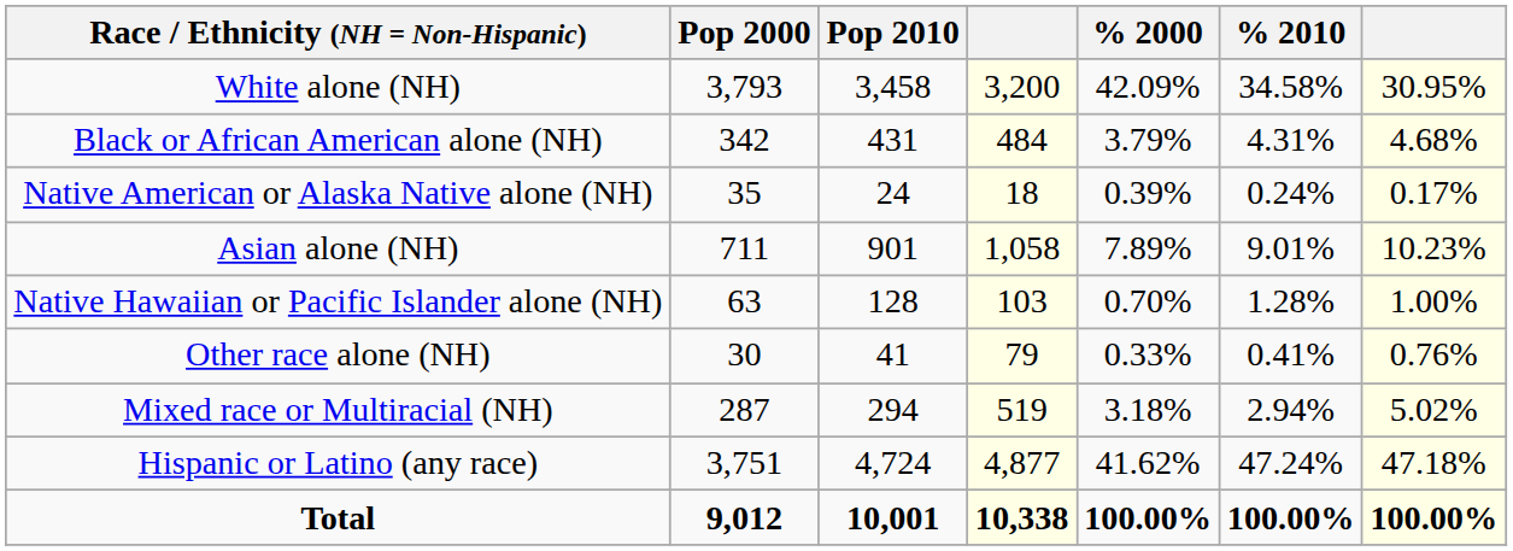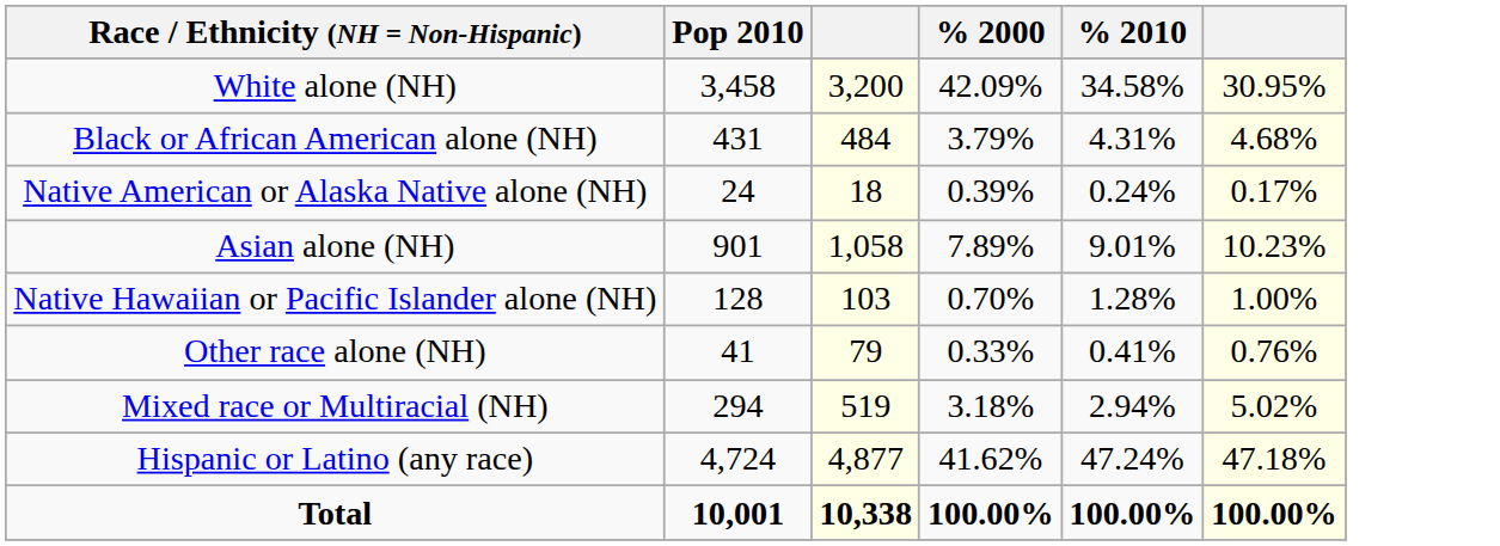 <table class="wikitable" style="text-align:center;">
 <tr>
 <th>Race / Ethnicity <small>(<em>NH = Non-Hispanic</em>)</small></th>
-<th>Pop 2000</th>
 <th>Pop 2010</th>
 <th></th>
 <th>% 2000</th>
 <th>% 2010</th>
 <th></th>
 </tr>
 <tr>
 <td><a href='#'>White</a> alone (NH)</td>
-<td>3,793</td>
 <td>3,458</td>
 <td style='background: #ffffe6;'>3,200</td>
 <td>42.09%</td>
 <td>34.58%</td>
 <td style='background: #ffffe6;'>30.95%</td>
 </tr>
 <tr>
 <td><a href='#'>Black or African American</a> alone (NH)</td>
-<td>342</td>
 <td>431</td>
 <td style='background: #ffffe6;'>484</td>
 <td>3.79%</td>
 <td>4.31%</td>
 <td style='background: #ffffe6;'>4.68%</td>
 </tr>
 <tr>
 <td><a href='#'>Native American</a> or <a href='#'>Alaska Native</a> alone (NH)</td>
-<td>35</td>
 <td>24</td>
 <td style='background: #ffffe6;'>18</td>
 <td>0.39%</td>
 <td>0.24%</td>
 <td style='background: #ffffe6;'>0.17%</td>
 </tr>
 <tr>
 <td><a href='#'>Asian</a> alone (NH)</td>
-<td>711</td>
 <td>901</td>
 <td style='background: #ffffe6;'>1,058</td>
 <td>7.89%</td>
 <td>9.01%</td>
 <td style='background: #ffffe6;'>10.23%</td>
 </tr>
 <tr>
 <td><a href='#'>Native Hawaiian</a> or <a href='#'>Pacific Islander</a> alone (NH)</td>
-<td>63</td>
 <td>128</td>
 <td style='background: #ffffe6;'>103</td>
 <td>0.70%</td>
 <td>1.28%</td>
 <td style='background: #ffffe6;'>1.00%</td>
 </tr>
 <tr>
 <td><a href='#'>Other race</a> alone (NH)</td>
-<td>30</td>
 <td>41</td>
 <td style='background: #ffffe6;'>79</td>
 <td>0.33%</td>
 <td>0.41%</td>
 <td style='background: #ffffe6;'>0.76%</td>
 </tr>
 <tr>
 <td><a href='#'>Mixed race or Multiracial</a> (NH)</td>
-<td>287</td>
 <td>294</td>
 <td style='background: #ffffe6;'>519</td>
 <td>3.18%</td>
 <td>2.94%</td>
 <td style='background: #ffffe6;'>5.02%</td>
 </tr>
 <tr>
 <td><a href='#'>Hispanic or Latino</a> (any race)</td>
-<td>3,751</td>
 <td>4,724</td>
 <td style='background: #ffffe6;'>4,877</td>
 <td>41.62%</td>
 <td>47.24%</td>
 <td style='background: #ffffe6;'>47.18%</td>
 </tr>
 <tr>
 <td><strong>Total</strong></td>
-<td><strong>9,012</strong></td>
 <td><strong>10,001</strong></td>
 <td style='background: #ffffe6;'><strong>10,338</strong></td>
 <td><strong>100.00%</strong></td>
 <td><strong>100.00%</strong></td>
 <td style='background: #ffffe6;'><strong>100.00%</strong></td>
 </tr>
 </table>
